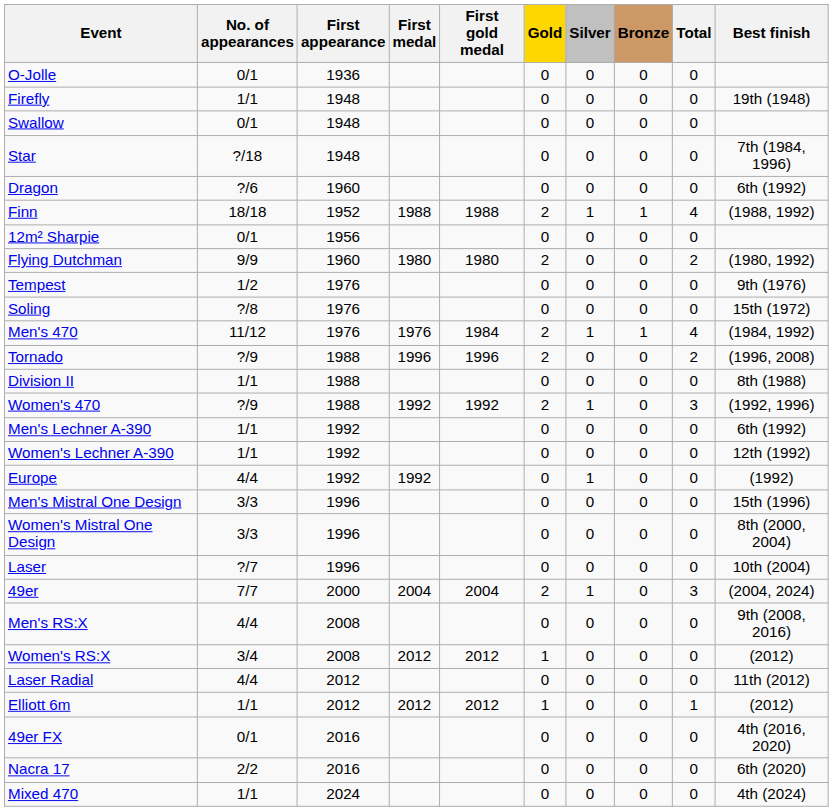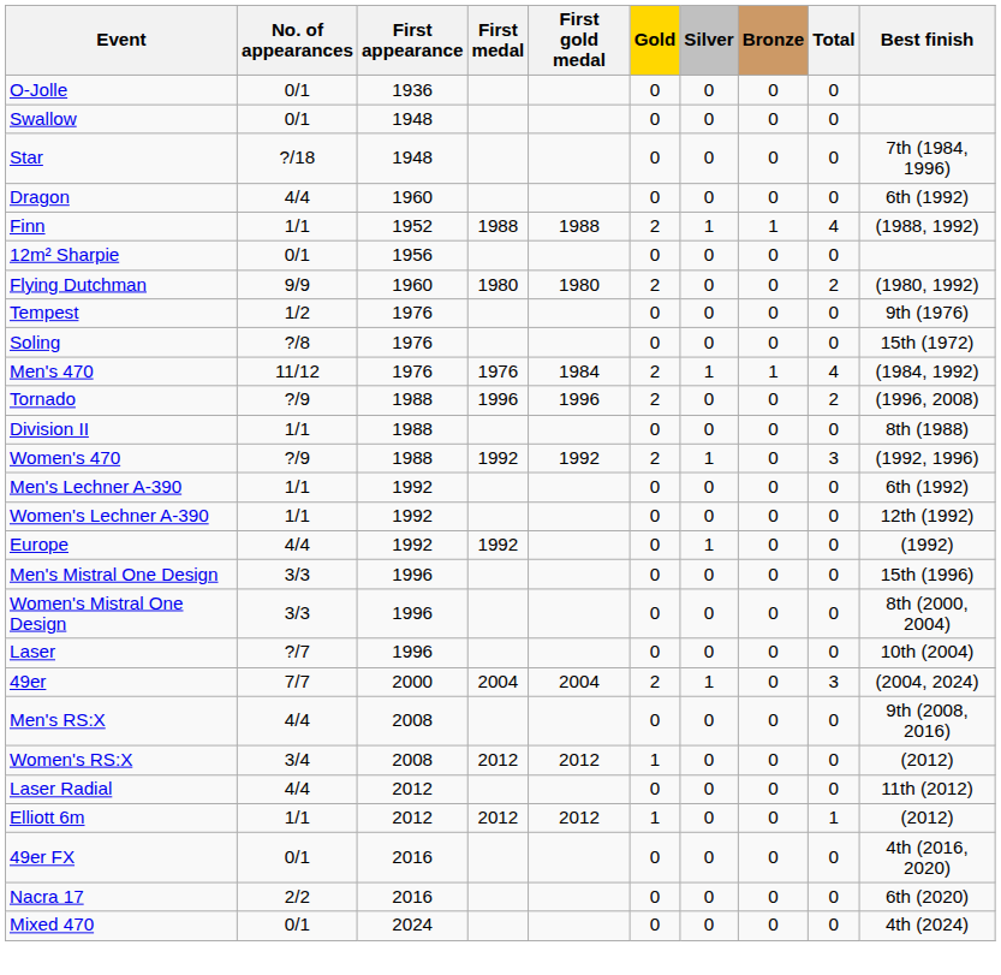 <table class="wikitable sortable" style="text-align:center">
 <tr>
 <th>Event</th>
 <th>No. of<br>appearances</th>
 <th>First<br>appearance</th>
 <th>First<br>medal</th>
 <th>First<br>gold medal</th>
 <th style="background-color:gold;">Gold</th>
 <th style="background-color:silver;">Silver</th>
 <th style="background-color:#c96;">Bronze</th>
 <th>Total</th>
 <th>Best finish</th>
 </tr>
 <tr>
 <td align=left><a href='#'>O-Jolle</a></td>
 <td>0/1</td>
 <td>1936</td>
 <td></td>
 <td></td>
 <td>0</td>
 <td>0</td>
 <td>0</td>
 <td>0</td>
 <td></td>
-</tr>
-<tr>
-<td align=left><a href='#'>Firefly</a></td>
-<td>1/1</td>
-<td>1948</td>
-<td></td>
-<td></td>
-<td>0</td>
-<td>0</td>
-<td>0</td>
-<td>0</td>
-<td>19th (1948)</td>
 </tr>
 <tr>
 <td align=left><a href='#'>Swallow</a></td>
 <td>0/1</td>
 <td>1948</td>
 <td></td>
 <td></td>
 <td>0</td>
 <td>0</td>
 <td>0</td>
 <td>0</td>
 <td></td>
 </tr>
 <tr>
 <td align=left><a href='#'>Star</a></td>
 <td>?/18</td>
 <td>1948</td>
 <td></td>
 <td></td>
 <td>0</td>
 <td>0</td>
 <td>0</td>
 <td>0</td>
 <td>7th (1984, 1996)</td>
 </tr>
 <tr>
 <td align=left><a href='#'>Dragon</a></td>
-<td>?/6</td>
+<td>4/4</td>
 <td>1960</td>
 <td></td>
 <td></td>
 <td>0</td>
 <td>0</td>
 <td>0</td>
 <td>0</td>
 <td>6th (1992)</td>
 </tr>
 <tr>
 <td align=left><a href='#'>Finn</a></td>
-<td>18/18</td>
+<td>1/1</td>
 <td>1952</td>
 <td>1988</td>
 <td>1988</td>
 <td>2</td>
 <td>1</td>
 <td>1</td>
 <td>4</td>
 <td> (1988, 1992)</td>
 </tr>
 <tr>
 <td align=left><a href='#'>12m² Sharpie</a></td>
 <td>0/1</td>
 <td>1956</td>
 <td></td>
 <td></td>
 <td>0</td>
 <td>0</td>
 <td>0</td>
 <td>0</td>
 <td></td>
 </tr>
 <tr>
 <td align=left><a href='#'>Flying Dutchman</a></td>
 <td>9/9</td>
 <td>1960</td>
 <td>1980</td>
 <td>1980</td>
 <td>2</td>
 <td>0</td>
 <td>0</td>
 <td>2</td>
 <td> (1980, 1992)</td>
 </tr>
 <tr>
 <td align=left><a href='#'>Tempest</a></td>
 <td>1/2</td>
 <td>1976</td>
 <td></td>
 <td></td>
 <td>0</td>
 <td>0</td>
 <td>0</td>
 <td>0</td>
 <td>9th (1976)</td>
 </tr>
 <tr>
 <td align=left><a href='#'>Soling</a></td>
 <td>?/8</td>
 <td>1976</td>
 <td></td>
 <td></td>
 <td>0</td>
 <td>0</td>
 <td>0</td>
 <td>0</td>
 <td>15th (1972)</td>
 </tr>
 <tr>
 <td align=left><a href='#'>Men's 470</a></td>
 <td>11/12</td>
 <td>1976</td>
 <td>1976</td>
 <td>1984</td>
 <td>2</td>
 <td>1</td>
 <td>1</td>
 <td>4</td>
 <td> (1984, 1992)</td>
 </tr>
 <tr>
 <td align=left><a href='#'>Tornado</a></td>
 <td>?/9</td>
 <td>1988</td>
 <td>1996</td>
 <td>1996</td>
 <td>2</td>
 <td>0</td>
 <td>0</td>
 <td>2</td>
 <td> (1996, 2008)</td>
 </tr>
 <tr>
 <td align=left><a href='#'>Division II</a></td>
 <td>1/1</td>
 <td>1988</td>
 <td></td>
 <td></td>
 <td>0</td>
 <td>0</td>
 <td>0</td>
 <td>0</td>
 <td>8th (1988)</td>
 </tr>
 <tr>
 <td align=left><a href='#'>Women's 470</a></td>
 <td>?/9</td>
 <td>1988</td>
 <td>1992</td>
 <td>1992</td>
 <td>2</td>
 <td>1</td>
 <td>0</td>
 <td>3</td>
 <td> (1992, 1996)</td>
 </tr>
 <tr>
 <td align=left><a href='#'>Men's Lechner A-390</a></td>
 <td>1/1</td>
 <td>1992</td>
 <td></td>
 <td></td>
 <td>0</td>
 <td>0</td>
 <td>0</td>
 <td>0</td>
 <td>6th (1992)</td>
 </tr>
 <tr>
 <td align=left><a href='#'>Women's Lechner A-390</a></td>
 <td>1/1</td>
 <td>1992</td>
 <td></td>
 <td></td>
 <td>0</td>
 <td>0</td>
 <td>0</td>
 <td>0</td>
 <td>12th (1992)</td>
 </tr>
 <tr>
 <td align=left><a href='#'>Europe</a></td>
 <td>4/4</td>
 <td>1992</td>
 <td>1992</td>
 <td></td>
 <td>0</td>
 <td>1</td>
 <td>0</td>
 <td>0</td>
 <td> (1992)</td>
 </tr>
 <tr>
 <td align=left><a href='#'>Men's Mistral One Design</a></td>
 <td>3/3</td>
 <td>1996</td>
 <td></td>
 <td></td>
 <td>0</td>
 <td>0</td>
 <td>0</td>
 <td>0</td>
 <td>15th (1996)</td>
 </tr>
 <tr>
 <td align=left><a href='#'>Women's Mistral One Design</a></td>
 <td>3/3</td>
 <td>1996</td>
 <td></td>
 <td></td>
 <td>0</td>
 <td>0</td>
 <td>0</td>
 <td>0</td>
 <td>8th (2000, 2004)</td>
 </tr>
 <tr>
 <td align=left><a href='#'>Laser</a></td>
 <td>?/7</td>
 <td>1996</td>
 <td></td>
 <td></td>
 <td>0</td>
 <td>0</td>
 <td>0</td>
 <td>0</td>
 <td>10th (2004)</td>
 </tr>
 <tr>
 <td align=left><a href='#'>49er</a></td>
 <td>7/7</td>
 <td>2000</td>
 <td>2004</td>
 <td>2004</td>
 <td>2</td>
 <td>1</td>
 <td>0</td>
 <td>3</td>
 <td> (2004, 2024)</td>
 </tr>
 <tr>
 <td align=left><a href='#'>Men's RS:X</a></td>
 <td>4/4</td>
 <td>2008</td>
 <td></td>
 <td></td>
 <td>0</td>
 <td>0</td>
 <td>0</td>
 <td>0</td>
 <td>9th (2008, 2016)</td>
 </tr>
 <tr>
 <td align=left><a href='#'>Women's RS:X</a></td>
 <td>3/4</td>
 <td>2008</td>
 <td>2012</td>
 <td>2012</td>
 <td>1</td>
 <td>0</td>
 <td>0</td>
 <td>0</td>
 <td> (2012)</td>
 </tr>
 <tr>
 <td align=left><a href='#'>Laser Radial</a></td>
 <td>4/4</td>
 <td>2012</td>
 <td></td>
 <td></td>
 <td>0</td>
 <td>0</td>
 <td>0</td>
 <td>0</td>
 <td>11th (2012)</td>
 </tr>
 <tr>
 <td align=left><a href='#'>Elliott 6m</a></td>
 <td>1/1</td>
 <td>2012</td>
 <td>2012</td>
 <td>2012</td>
 <td>1</td>
 <td>0</td>
 <td>0</td>
 <td>1</td>
 <td> (2012)</td>
 </tr>
 <tr>
 <td align=left><a href='#'>49er FX</a></td>
 <td>0/1</td>
 <td>2016</td>
 <td></td>
 <td></td>
 <td>0</td>
 <td>0</td>
 <td>0</td>
 <td>0</td>
 <td>4th (2016, 2020)</td>
 </tr>
 <tr>
 <td align=left><a href='#'>Nacra 17</a></td>
 <td>2/2</td>
 <td>2016</td>
 <td></td>
 <td></td>
 <td>0</td>
 <td>0</td>
 <td>0</td>
 <td>0</td>
 <td>6th (2020)</td>
 </tr>
 <tr>
 <td align=left><a href='#'>Mixed 470</a></td>
-<td>1/1</td>
+<td>0/1</td>
 <td>2024</td>
 <td></td>
 <td></td>
 <td>0</td>
 <td>0</td>
 <td>0</td>
 <td>0</td>
 <td>4th (2024)</td>
 </tr>
 </table>
